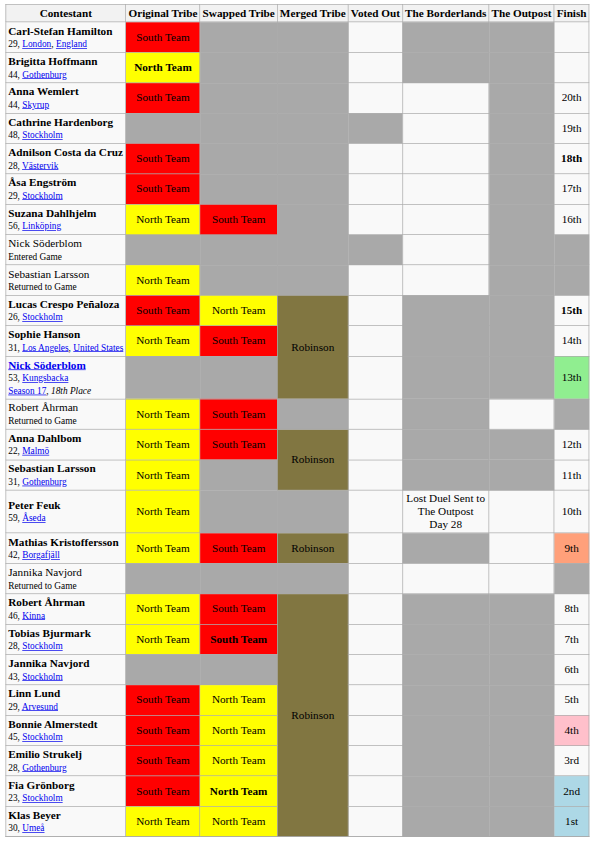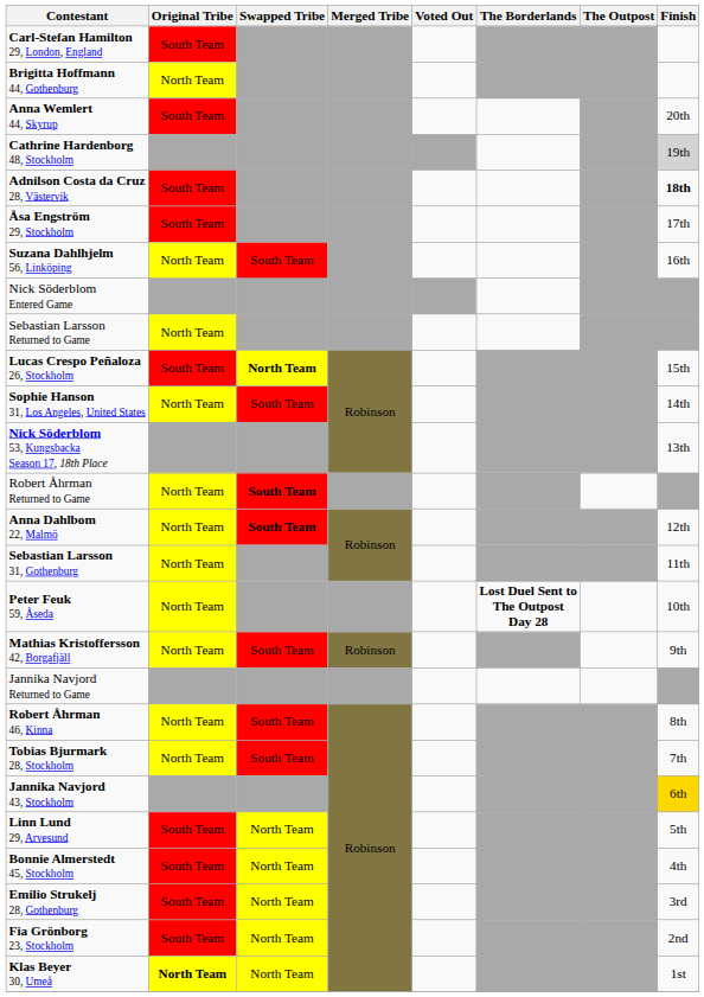 <table class="wikitable sortable" style="margin:auto; text-align:center">
 <tr>
 <th>Contestant</th>
 <th>Original Tribe</th>
 <th>Swapped Tribe</th>
 <th>Merged Tribe</th>
 <th>Voted Out</th>
 <th>The Borderlands</th>
 <th>The Outpost</th>
 <th>Finish</th>
 </tr>
 <tr>
 <td align="left"><strong>Carl-Stefan Hamilton</strong><br><small>29, <a href='#'>London</a>, <a href='#'>England</a></small></td>
 <td bgcolor="red">South Team</td>
 <td bgcolor="darkgrey"></td>
 <td bgcolor="darkgrey"></td>
 <td></td>
 <td bgcolor="darkgrey"></td>
 <td bgcolor="darkgrey"></td>
 <td></td>
 </tr>
 <tr>
 <td align="left"><strong>Brigitta Hoffmann</strong><br><small>44, <a href='#'>Gothenburg</a></small></td>
-<td bgcolor="yellow"><strong>North Team</strong></td>
+<td bgcolor="yellow">North Team</td>
 <td bgcolor="darkgrey"></td>
 <td bgcolor="darkgrey"></td>
 <td></td>
 <td bgcolor="darkgrey"></td>
 <td bgcolor="darkgrey"></td>
 <td></td>
 </tr>
 <tr>
 <td align="left"><strong>Anna Wemlert</strong><br><small>44, <a href='#'>Skyrup</a></small></td>
 <td bgcolor="red">South Team</td>
 <td bgcolor="darkgrey"></td>
 <td bgcolor="darkgrey"></td>
 <td></td>
 <td></td>
 <td bgcolor="darkgrey"></td>
 <td>20th</td>
 </tr>
 <tr>
 <td align="left"><strong>Cathrine Hardenborg</strong><br><small>48, <a href='#'>Stockholm</a></small></td>
 <td bgcolor="darkgrey"></td>
 <td bgcolor="darkgrey"></td>
 <td bgcolor="darkgrey"></td>
 <td bgcolor="darkgrey"></td>
 <td></td>
 <td bgcolor="darkgrey"></td>
-<td>19th</td>
+<td style="background: lightgrey;">19th</td>
 </tr>
 <tr>
 <td align="left"><strong>Adnilson Costa da Cruz</strong><br><small>28, <a href='#'>Västervik</a></small></td>
 <td bgcolor="red">South Team</td>
 <td bgcolor="darkgrey"></td>
 <td bgcolor="darkgrey"></td>
 <td></td>
 <td></td>
 <td bgcolor="darkgrey"></td>
 <td><strong>18th</strong></td>
 </tr>
 <tr>
 <td align="left"><strong>Åsa Engström</strong><br><small>29, <a href='#'>Stockholm</a></small></td>
 <td bgcolor="red">South Team</td>
 <td bgcolor="darkgrey"></td>
 <td bgcolor="darkgrey"></td>
 <td></td>
 <td></td>
 <td bgcolor="darkgrey"></td>
 <td>17th</td>
 </tr>
 <tr>
 <td align="left"><strong>Suzana Dahlhjelm</strong><br><small>56, <a href='#'>Linköping</a></small></td>
 <td bgcolor="yellow">North Team</td>
 <td bgcolor="red">South Team</td>
 <td bgcolor="darkgrey"></td>
 <td></td>
 <td></td>
 <td bgcolor="darkgrey"></td>
 <td>16th</td>
 </tr>
 <tr>
 <td align="left">Nick Söderblom<br><small>Entered Game</small></td>
 <td bgcolor="darkgrey"></td>
 <td bgcolor="darkgrey"></td>
 <td bgcolor="darkgrey"></td>
 <td bgcolor="darkgrey"></td>
 <td></td>
 <td bgcolor="darkgrey"></td>
 <td bgcolor="darkgrey"></td>
 </tr>
 <tr>
 <td align="left">Sebastian Larsson<br><small>Returned to Game</small></td>
 <td bgcolor="yellow">North Team</td>
 <td bgcolor="darkgrey"></td>
 <td bgcolor="darkgrey"></td>
 <td></td>
 <td></td>
 <td bgcolor="darkgrey"></td>
 <td bgcolor="darkgrey"></td>
 </tr>
 <tr>
 <td align="left"><strong>Lucas Crespo Peñaloza</strong><br><small>26, <a href='#'>Stockholm</a></small></td>
 <td bgcolor="red">South Team</td>
-<td bgcolor="yellow">North Team</td>
+<td bgcolor="yellow"><strong>North Team</strong></td>
 <td rowspan="3" bgcolor="#817641">Robinson</td>
 <td></td>
 <td bgcolor="darkgrey"></td>
 <td bgcolor="darkgrey"></td>
-<td><strong>15th</strong></td>
+<td>15th</td>
 </tr>
 <tr>
 <td align="left"><strong>Sophie Hanson</strong><br><small>31, <a href='#'>Los Angeles</a>, <a href='#'>United States</a></small></td>
 <td bgcolor="yellow">North Team</td>
 <td bgcolor="red">South Team</td>
 <td></td>
 <td bgcolor="darkgrey"></td>
 <td bgcolor="darkgrey"></td>
 <td>14th</td>
 </tr>
 <tr>
 <td align="left"><strong><a href='#'>Nick Söderblom</a></strong><br><small>53, <a href='#'>Kungsbacka</a><br><a href='#'>Season 17</a>, <em>18th Place</em></small></td>
 <td bgcolor="darkgrey"></td>
 <td bgcolor="darkgrey"></td>
 <td></td>
 <td bgcolor="darkgrey"></td>
 <td bgcolor="darkgrey"></td>
-<td style="background: lightgreen;">13th</td>
+<td>13th</td>
 </tr>
 <tr>
 <td align="left">Robert Åhrman<br><small>Returned to Game</small></td>
 <td bgcolor="yellow">North Team</td>
-<td bgcolor="red">South Team</td>
+<td bgcolor="red"><strong>South Team</strong></td>
 <td bgcolor="darkgrey"></td>
 <td></td>
 <td bgcolor="darkgrey"></td>
 <td></td>
 <td bgcolor="darkgrey"></td>
 </tr>
 <tr>
 <td align="left"><strong>Anna Dahlbom</strong><br><small>22, <a href='#'>Malmö</a></small></td>
 <td bgcolor="yellow">North Team</td>
-<td bgcolor="red">South Team</td>
+<td bgcolor="red"><strong>South Team</strong></td>
 <td rowspan="2" bgcolor="#817641">Robinson</td>
 <td></td>
 <td bgcolor="darkgrey"></td>
 <td bgcolor="darkgrey"></td>
 <td>12th</td>
 </tr>
 <tr>
 <td align="left"><strong>Sebastian Larsson</strong><br><small>31, <a href='#'>Gothenburg</a></small></td>
 <td bgcolor="yellow">North Team</td>
 <td bgcolor="darkgrey"></td>
 <td></td>
 <td bgcolor="darkgrey"></td>
 <td bgcolor="darkgrey"></td>
 <td>11th</td>
 </tr>
 <tr>
 <td align="left"><strong>Peter Feuk</strong><br><small>59, <a href='#'>Åseda</a></small></td>
 <td bgcolor="yellow">North Team</td>
 <td bgcolor="darkgrey"></td>
 <td bgcolor="darkgrey"></td>
 <td></td>
-<td bgcolor="">Lost Duel Sent to <br>The Outpost <br>Day 28</td>
+<td bgcolor=""><strong>Lost Duel Sent to <br>The Outpost <br>Day 28</strong></td>
 <td></td>
 <td>10th</td>
 </tr>
 <tr>
 <td align="left"><strong>Mathias Kristoffersson</strong><br><small>42, <a href='#'>Borgafjäll</a></small></td>
 <td bgcolor="yellow">North Team</td>
 <td bgcolor="red">South Team</td>
 <td bgcolor="#817641">Robinson</td>
 <td></td>
 <td bgcolor="darkgrey"></td>
 <td></td>
-<td style="background: lightsalmon;">9th</td>
+<td>9th</td>
 </tr>
 <tr>
 <td align="left">Jannika Navjord<br><small>Returned to Game</small></td>
 <td bgcolor="darkgrey"></td>
 <td bgcolor="darkgrey"></td>
 <td bgcolor="darkgrey"></td>
 <td></td>
 <td></td>
 <td></td>
 <td bgcolor="darkgrey"></td>
 </tr>
 <tr>
 <td align="left"><strong>Robert Åhrman</strong><br><small>46, <a href='#'>Kinna</a></small></td>
 <td bgcolor="yellow">North Team</td>
 <td bgcolor="red">South Team</td>
 <td rowspan="8" bgcolor="#817641">Robinson</td>
 <td></td>
 <td bgcolor="darkgrey"></td>
 <td bgcolor="darkgrey"></td>
 <td>8th</td>
 </tr>
 <tr>
 <td align="left"><strong>Tobias Bjurmark</strong><br><small>28, <a href='#'>Stockholm</a></small></td>
 <td bgcolor="yellow">North Team</td>
-<td bgcolor="red"><strong>South Team</strong></td>
+<td bgcolor="red">South Team</td>
 <td></td>
 <td bgcolor="darkgrey"></td>
 <td bgcolor="darkgrey"></td>
 <td>7th</td>
 </tr>
 <tr>
 <td align="left"><strong>Jannika Navjord</strong><br><small>43, <a href='#'>Stockholm</a></small></td>
 <td bgcolor="darkgrey"></td>
 <td bgcolor="darkgrey"></td>
 <td></td>
 <td bgcolor="darkgrey"></td>
 <td bgcolor="darkgrey"></td>
-<td>6th</td>
+<td style="background: gold;">6th</td>
 </tr>
 <tr>
 <td align="left"><strong>Linn Lund</strong><br><small>29, <a href='#'>Arvesund</a></small></td>
 <td bgcolor="red">South Team</td>
 <td bgcolor="yellow">North Team</td>
 <td></td>
 <td bgcolor="darkgrey"></td>
 <td bgcolor="darkgrey"></td>
 <td>5th</td>
 </tr>
 <tr>
 <td align="left"><strong>Bonnie Almerstedt</strong><br><small>45, <a href='#'>Stockholm</a></small></td>
 <td bgcolor="red">South Team</td>
 <td bgcolor="yellow">North Team</td>
 <td></td>
 <td bgcolor="darkgrey"></td>
 <td bgcolor="darkgrey"></td>
-<td style="background: pink;">4th</td>
+<td>4th</td>
 </tr>
 <tr>
 <td align="left"><strong>Emilio Strukelj</strong><br><small>28, <a href='#'>Gothenburg</a></small></td>
 <td bgcolor="red">South Team</td>
 <td bgcolor="yellow">North Team</td>
 <td></td>
 <td bgcolor="darkgrey"></td>
 <td bgcolor="darkgrey"></td>
 <td>3rd</td>
 </tr>
 <tr>
 <td align="left"><strong>Fia Grönborg</strong><br><small>23, <a href='#'>Stockholm</a></small></td>
 <td bgcolor="red">South Team</td>
-<td bgcolor="yellow"><strong>North Team</strong></td>
-<td></td>
-<td bgcolor="darkgrey"></td>
-<td bgcolor="darkgrey"></td>
-<td style="background: lightblue;">2nd</td>
-</tr>
-<tr>
-<td align="left"><strong>Klas Beyer</strong><br><small>30, <a href='#'>Umeå</a></small></td>
-<td bgcolor="yellow">North Team</td>
 <td bgcolor="yellow">North Team</td>
 <td></td>
 <td bgcolor="darkgrey"></td>
 <td bgcolor="darkgrey"></td>
-<td style="background: lightblue;">1st</td>
+<td>2nd</td>
+</tr>
+<tr>
+<td align="left"><strong>Klas Beyer</strong><br><small>30, <a href='#'>Umeå</a></small></td>
+<td bgcolor="yellow"><strong>North Team</strong></td>
+<td bgcolor="yellow">North Team</td>
+<td></td>
+<td bgcolor="darkgrey"></td>
+<td bgcolor="darkgrey"></td>
+<td>1st</td>
 </tr>
 <tr>
 </tr>
 </table>
